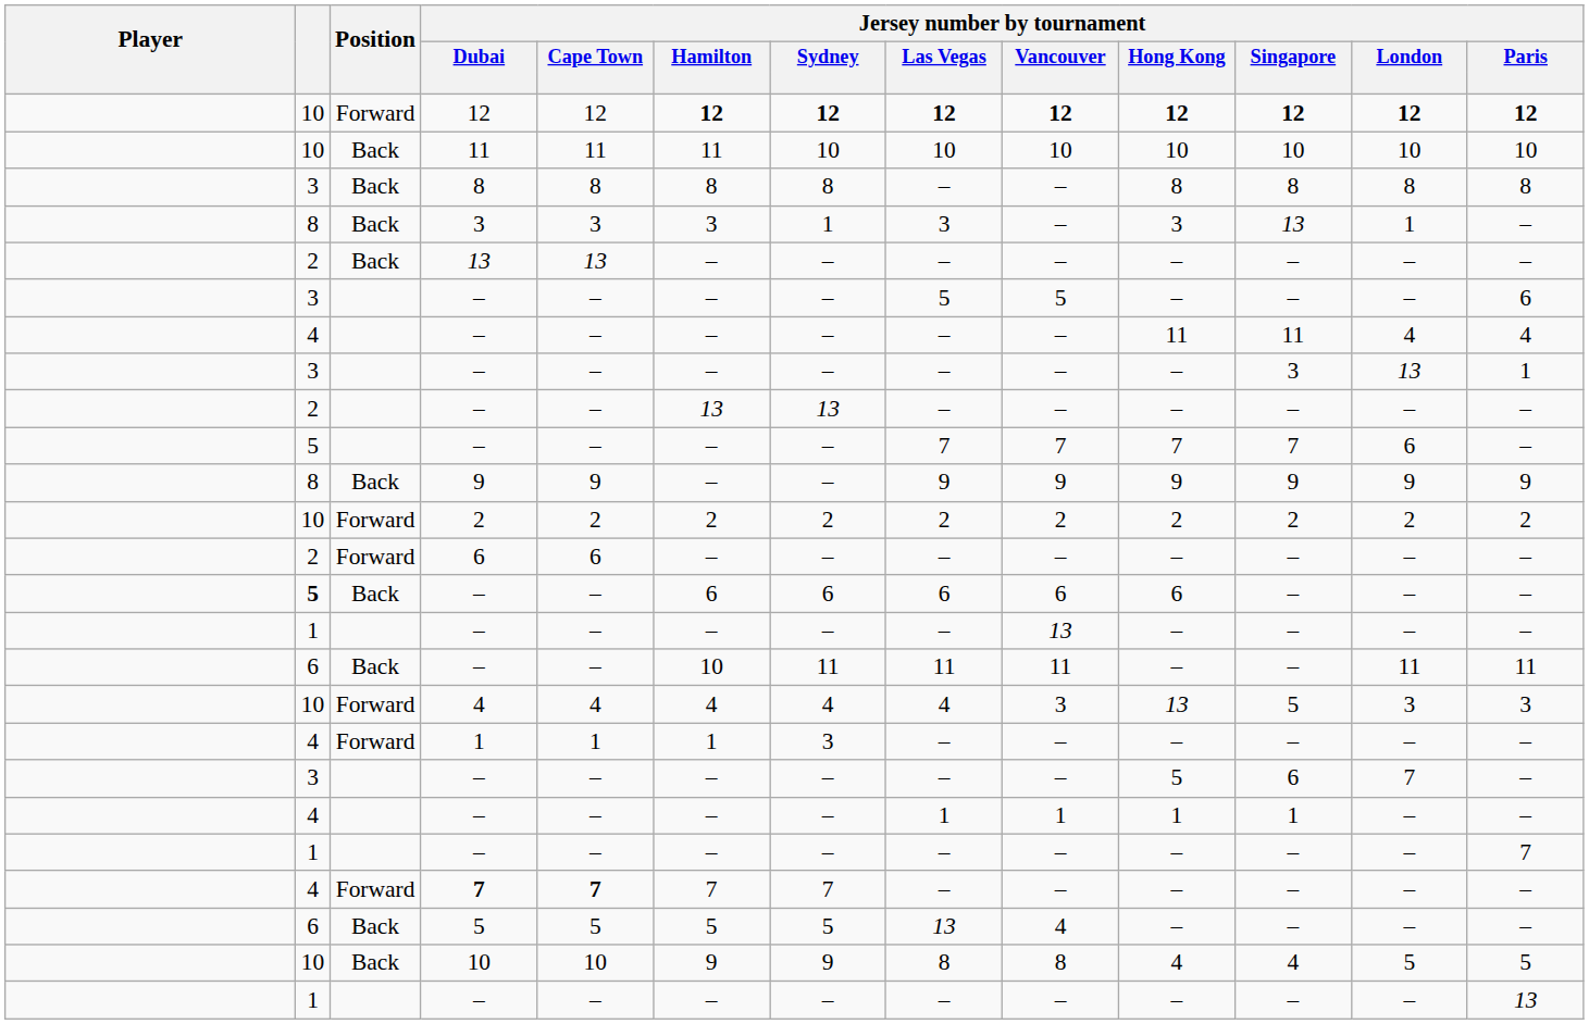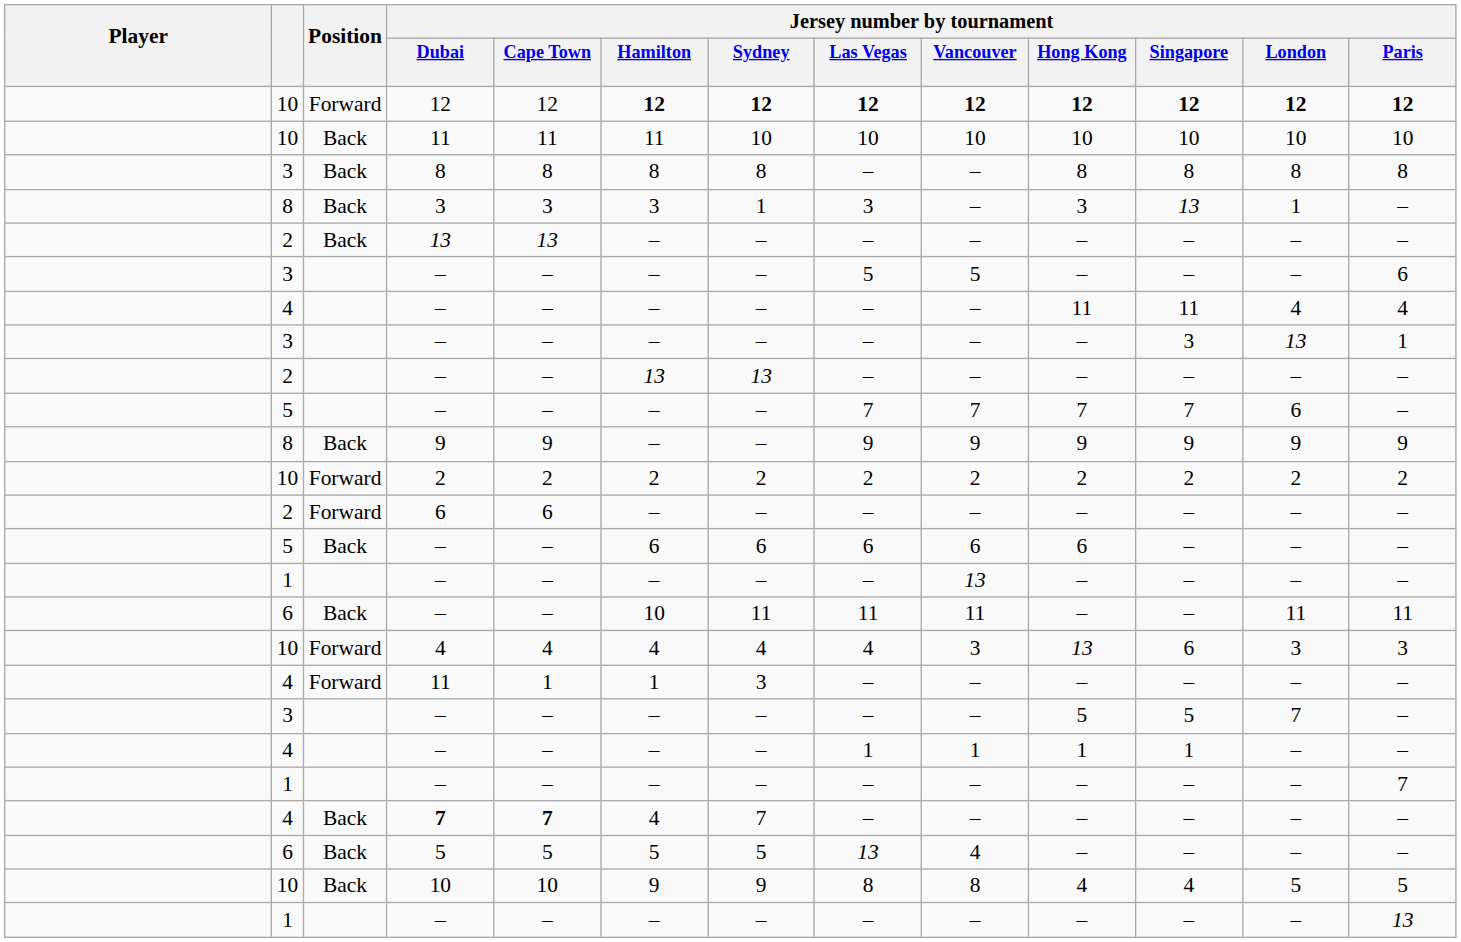 <table class="wikitable sortable" style="text-align:center;">
 <tr>
 <th rowspan=2 style="border-bottom:0px; width:12em;">Player</th>
 <th rowspan=2 style="border-bottom:0px;"></th>
 <th rowspan=2 style="border-bottom:0px;">Position</th>
 <th colspan=10 style="font-size:95%;">Jersey number by tournament</th>
 </tr>
 <tr>
 <th style="vertical-align:top;width:5.5em;border-bottom:1px solid transparent;padding:2px;font-size:85%;"><a href='#'>Dubai</a></th>
 <th style="vertical-align:top;width:5.5em;border-bottom:1px solid transparent;padding:2px;font-size:85%;"><a href='#'>Cape Town</a></th>
 <th style="vertical-align:top;width:5.5em;border-bottom:1px solid transparent;padding:2px;font-size:85%;"><a href='#'>Hamilton</a></th>
 <th style="vertical-align:top;width:5.5em;border-bottom:1px solid transparent;padding:2px;font-size:85%;"><a href='#'>Sydney</a></th>
 <th style="vertical-align:top;width:5.5em;border-bottom:1px solid transparent;padding:2px;font-size:85%;"><a href='#'>Las Vegas</a></th>
 <th style="vertical-align:top;width:5.5em;border-bottom:1px solid transparent;padding:2px;font-size:85%;"><a href='#'>Vancouver</a></th>
 <th style="vertical-align:top;width:5.5em;border-bottom:1px solid transparent;padding:2px;font-size:85%;"><a href='#'>Hong Kong</a></th>
 <th style="vertical-align:top;width:5.5em;border-bottom:1px solid transparent;padding:2px;font-size:85%;"><a href='#'>Singapore</a></th>
 <th style="vertical-align:top;width:5.5em;border-bottom:1px solid transparent;padding:2px;font-size:85%;"><a href='#'>London</a></th>
 <th style="vertical-align:top;width:5.5em;border-bottom:1px solid transparent;padding:2px;font-size:85%;"><a href='#'>Paris</a></th>
 </tr>
 <tr style="line-height:8px;">
 <th style="border-top:1px solid transparent;"></th>
 <th style="border-top:1px solid transparent;"> </th>
 <th style="border-top:1px solid transparent;"> </th>
 <th data-sort-type="number" style="border-top:1px solid transparent;"></th>
 <th data-sort-type="number" style="border-top:1px solid transparent;"></th>
 <th data-sort-type="number" style="border-top:1px solid transparent;"></th>
 <th data-sort-type="number" style="border-top:1px solid transparent;"></th>
 <th data-sort-type="number" style="border-top:1px solid transparent;"></th>
 <th data-sort-type="number" style="border-top:1px solid transparent;"></th>
 <th data-sort-type="number" style="border-top:1px solid transparent;"></th>
 <th data-sort-type="number" style="border-top:1px solid transparent;"></th>
 <th data-sort-type="number" style="border-top:1px solid transparent;"></th>
 <th data-sort-type="number" style="border-top:1px solid transparent;"></th>
 </tr>
 <tr>
 <td align=left></td>
 <td>10</td>
 <td>Forward</td>
 <td>12</td>
 <td>12</td>
 <td><strong>12</strong></td>
 <td><strong>12</strong></td>
 <td><strong>12</strong></td>
 <td><strong>12</strong></td>
 <td><strong>12</strong></td>
 <td><strong>12</strong></td>
 <td><strong>12</strong></td>
 <td><strong>12</strong></td>
 </tr>
 <tr>
 <td align=left></td>
 <td>10</td>
 <td>Back</td>
 <td>11</td>
 <td>11</td>
 <td>11</td>
 <td>10</td>
 <td>10</td>
 <td>10</td>
 <td>10</td>
 <td>10</td>
 <td>10</td>
 <td>10</td>
 </tr>
 <tr>
 <td align=left></td>
 <td>3</td>
 <td>Back</td>
 <td>8</td>
 <td>8</td>
 <td>8</td>
 <td>8</td>
 <td>–</td>
 <td>–</td>
 <td>8</td>
 <td>8</td>
 <td>8</td>
 <td>8</td>
 </tr>
 <tr>
 <td align=left></td>
 <td>8</td>
 <td>Back</td>
 <td>3</td>
 <td>3</td>
 <td>3</td>
 <td>1</td>
 <td>3</td>
 <td>–</td>
 <td>3</td>
 <td><em>13</em></td>
 <td>1</td>
 <td>–</td>
 </tr>
 <tr>
 <td align=left></td>
 <td>2</td>
 <td>Back</td>
 <td><em>13</em></td>
 <td><em>13</em></td>
 <td>–</td>
 <td>–</td>
 <td>–</td>
 <td>–</td>
 <td>–</td>
 <td>–</td>
 <td>–</td>
 <td>–</td>
 </tr>
 <tr>
 <td align=left></td>
 <td>3</td>
 <td></td>
 <td>–</td>
 <td>–</td>
 <td>–</td>
 <td>–</td>
 <td>5</td>
 <td>5</td>
 <td>–</td>
 <td>–</td>
 <td>–</td>
 <td>6</td>
 </tr>
 <tr>
 <td align=left></td>
 <td>4</td>
 <td></td>
 <td>–</td>
 <td>–</td>
 <td>–</td>
 <td>–</td>
 <td>–</td>
 <td>–</td>
 <td>11</td>
 <td>11</td>
 <td>4</td>
 <td>4</td>
 </tr>
 <tr>
 <td align=left></td>
 <td>3</td>
 <td></td>
 <td>–</td>
 <td>–</td>
 <td>–</td>
 <td>–</td>
 <td>–</td>
 <td>–</td>
 <td>–</td>
 <td>3</td>
 <td><em>13</em></td>
 <td>1</td>
 </tr>
 <tr>
 <td align=left></td>
 <td>2</td>
 <td></td>
 <td>–</td>
 <td>–</td>
 <td><em>13</em></td>
 <td><em>13</em></td>
 <td>–</td>
 <td>–</td>
 <td>–</td>
 <td>–</td>
 <td>–</td>
 <td>–</td>
 </tr>
 <tr>
 <td align=left></td>
 <td>5</td>
 <td></td>
 <td>–</td>
 <td>–</td>
 <td>–</td>
 <td>–</td>
 <td>7</td>
 <td>7</td>
 <td>7</td>
 <td>7</td>
 <td>6</td>
 <td>–</td>
 </tr>
 <tr>
 <td align=left></td>
 <td>8</td>
 <td>Back</td>
 <td>9</td>
 <td>9</td>
 <td>–</td>
 <td>–</td>
 <td>9</td>
 <td>9</td>
 <td>9</td>
 <td>9</td>
 <td>9</td>
 <td>9</td>
 </tr>
 <tr>
 <td align=left></td>
 <td>10</td>
 <td>Forward</td>
 <td>2</td>
 <td>2</td>
 <td>2</td>
 <td>2</td>
 <td>2</td>
 <td>2</td>
 <td>2</td>
 <td>2</td>
 <td>2</td>
 <td>2</td>
 </tr>
 <tr>
 <td align=left></td>
 <td>2</td>
 <td>Forward</td>
 <td>6</td>
 <td>6</td>
 <td>–</td>
 <td>–</td>
 <td>–</td>
 <td>–</td>
 <td>–</td>
 <td>–</td>
 <td>–</td>
 <td>–</td>
 </tr>
 <tr>
 <td align=left></td>
-<td><strong>5</strong></td>
+<td>5</td>
 <td>Back</td>
 <td>–</td>
 <td>–</td>
 <td>6</td>
 <td>6</td>
 <td>6</td>
 <td>6</td>
 <td>6</td>
 <td>–</td>
 <td>–</td>
 <td>–</td>
 </tr>
 <tr>
 <td align=left></td>
 <td>1</td>
 <td></td>
 <td>–</td>
 <td>–</td>
 <td>–</td>
 <td>–</td>
 <td>–</td>
 <td><em>13</em></td>
 <td>–</td>
 <td>–</td>
 <td>–</td>
 <td>–</td>
 </tr>
 <tr>
 <td align=left></td>
 <td>6</td>
 <td>Back</td>
 <td>–</td>
 <td>–</td>
 <td>10</td>
 <td>11</td>
 <td>11</td>
 <td>11</td>
 <td>–</td>
 <td>–</td>
 <td>11</td>
 <td>11</td>
 </tr>
 <tr>
 <td align=left></td>
 <td>10</td>
 <td>Forward</td>
 <td>4</td>
 <td>4</td>
 <td>4</td>
 <td>4</td>
 <td>4</td>
 <td>3</td>
 <td><em>13</em></td>
-<td>5</td>
+<td>6</td>
 <td>3</td>
 <td>3</td>
 </tr>
 <tr>
 <td align=left></td>
 <td>4</td>
 <td>Forward</td>
-<td>1</td>
+<td>11</td>
 <td>1</td>
 <td>1</td>
 <td>3</td>
 <td>–</td>
 <td>–</td>
 <td>–</td>
 <td>–</td>
 <td>–</td>
 <td>–</td>
 </tr>
 <tr>
 <td align=left></td>
 <td>3</td>
 <td></td>
 <td>–</td>
 <td>–</td>
 <td>–</td>
 <td>–</td>
 <td>–</td>
 <td>–</td>
 <td>5</td>
-<td>6</td>
+<td>5</td>
 <td>7</td>
 <td>–</td>
 </tr>
 <tr>
 <td align=left></td>
 <td>4</td>
 <td></td>
 <td>–</td>
 <td>–</td>
 <td>–</td>
 <td>–</td>
 <td>1</td>
 <td>1</td>
 <td>1</td>
 <td>1</td>
 <td>–</td>
 <td>–</td>
 </tr>
 <tr>
 <td align=left></td>
 <td>1</td>
 <td></td>
 <td>–</td>
 <td>–</td>
 <td>–</td>
 <td>–</td>
 <td>–</td>
 <td>–</td>
 <td>–</td>
 <td>–</td>
 <td>–</td>
 <td>7</td>
 </tr>
 <tr>
 <td align=left></td>
 <td>4</td>
-<td>Forward</td>
+<td>Back</td>
 <td><strong>7</strong></td>
 <td><strong>7</strong></td>
-<td>7</td>
+<td>4</td>
 <td>7</td>
 <td>–</td>
 <td>–</td>
 <td>–</td>
 <td>–</td>
 <td>–</td>
 <td>–</td>
 </tr>
 <tr>
 <td align=left></td>
 <td>6</td>
 <td>Back</td>
 <td>5</td>
 <td>5</td>
 <td>5</td>
 <td>5</td>
 <td><em>13</em></td>
 <td>4</td>
 <td>–</td>
 <td>–</td>
 <td>–</td>
 <td>–</td>
 </tr>
 <tr>
 <td align=left></td>
 <td>10</td>
 <td>Back</td>
 <td>10</td>
 <td>10</td>
 <td>9</td>
 <td>9</td>
 <td>8</td>
 <td>8</td>
 <td>4</td>
 <td>4</td>
 <td>5</td>
 <td>5</td>
 </tr>
 <tr>
 <td align=left></td>
 <td>1</td>
 <td></td>
 <td>–</td>
 <td>–</td>
 <td>–</td>
 <td>–</td>
 <td>–</td>
 <td>–</td>
 <td>–</td>
 <td>–</td>
 <td>–</td>
 <td><em>13</em></td>
 </tr>
 </table>
